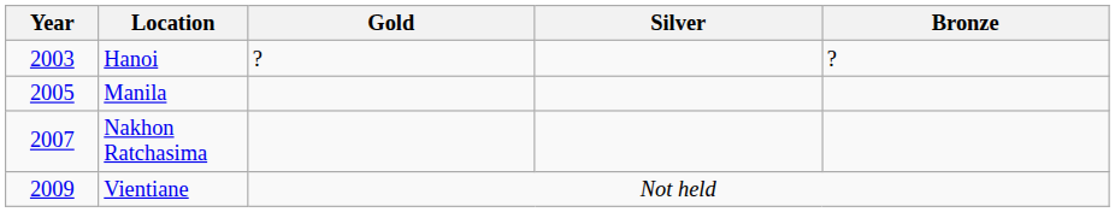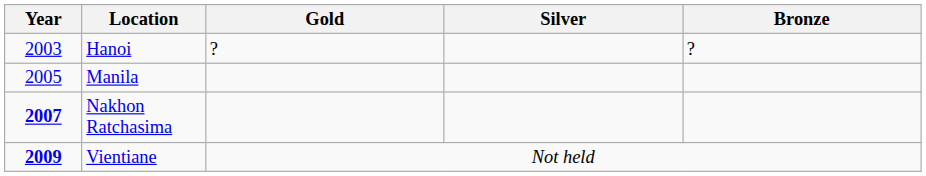 <table class="wikitable">
 <tr>
 <th width="60">Year</th>
 <th width="100">Location</th>
 <th width="200">Gold</th>
 <th width="200">Silver</th>
 <th width="200">Bronze</th>
 </tr>
 <tr>
 <td align="center"><a href='#'>2003</a></td>
 <td><a href='#'>Hanoi</a></td>
 <td>?</td>
 <td></td>
 <td>?</td>
 </tr>
 <tr>
 <td align="center"><a href='#'>2005</a></td>
 <td><a href='#'>Manila</a></td>
 <td></td>
 <td></td>
 <td></td>
 </tr>
 <tr>
-<td align="center"><a href='#'>2007</a></td>
+<td align="center"><strong><a href='#'>2007</a></strong></td>
 <td><a href='#'>Nakhon Ratchasima</a></td>
 <td></td>
 <td></td>
 <td></td>
 </tr>
 <tr>
-<td align="center"><a href='#'>2009</a></td>
+<td align="center"><strong><a href='#'>2009</a></strong></td>
 <td><a href='#'>Vientiane</a></td>
 <td colspan=3 align=center><em>Not held</em></td>
 </tr>
 </table>
